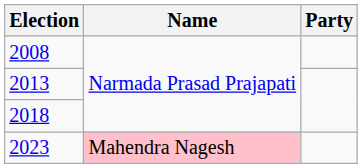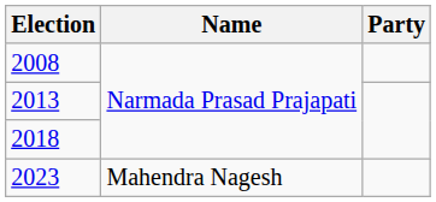 <table class="wikitable sortable">
 <tr>
 <th>Election</th>
 <th>Name</th>
 <th colspan=2>Party</th>
 </tr>
 <tr>
 <td><a href='#'>2008</a></td>
 <td rowspan=3><a href='#'>Narmada Prasad Prajapati</a></td>
 <td></td>
 </tr>
 <tr>
 <td><a href='#'>2013</a></td>
 </tr>
 <tr>
 <td><a href='#'>2018</a></td>
 </tr>
 <tr>
 <td><a href='#'>2023</a></td>
-<td style="background: pink;">Mahendra Nagesh</td>
+<td>Mahendra Nagesh</td>
 <td></td>
 </tr>
 </table>
